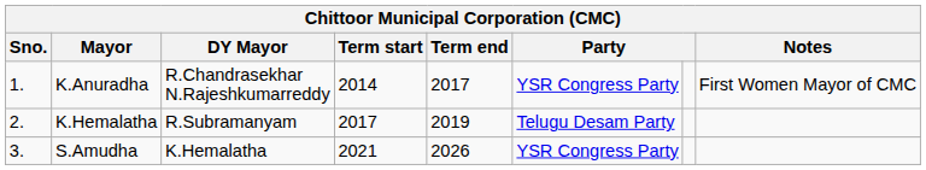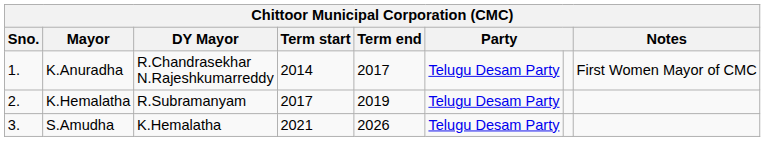 <table class="wikitable sortable">
 <tr>
 <th colspan="8">Chittoor Municipal Corporation (CMC)</th>
 </tr>
 <tr>
 <th>Sno.</th>
 <th>Mayor</th>
 <th>DY Mayor</th>
 <th>Term start</th>
 <th>Term end</th>
 <th colspan=2>Party</th>
 <th>Notes</th>
 </tr>
 <tr>
 <td>1.</td>
 <td>K.Anuradha</td>
 <td>R.Chandrasekhar<br>N.Rajeshkumarreddy</td>
 <td>2014</td>
 <td>2017</td>
-<td rowspan="1"><a href='#'>YSR Congress Party</a></td>
+<td rowspan="1"><a href='#'>Telugu Desam Party</a></td>
 <td rowspan="1" width="4px" style="background-color: "></td>
 <td>First Women Mayor of CMC</td>
 </tr>
 <tr>
 <td>2.</td>
 <td>K.Hemalatha</td>
 <td>R.Subramanyam</td>
 <td>2017</td>
 <td>2019</td>
 <td rowspan="1"><a href='#'>Telugu Desam Party</a></td>
 <td rowspan="1" width="4px" style="background-color: "></td>
 <td></td>
 </tr>
 <tr>
 <td>3.</td>
 <td>S.Amudha</td>
 <td>K.Hemalatha</td>
 <td>2021</td>
 <td>2026</td>
-<td rowspan="1"><a href='#'>YSR Congress Party</a></td>
+<td rowspan="1"><a href='#'>Telugu Desam Party</a></td>
 <td rowspan="1" width="4px" style="background-color: "></td>
 <td></td>
 </tr>
 </table>
